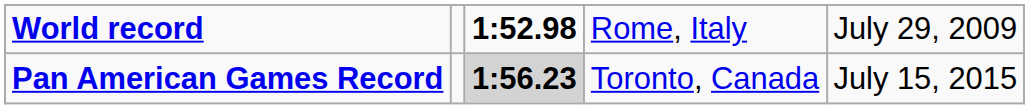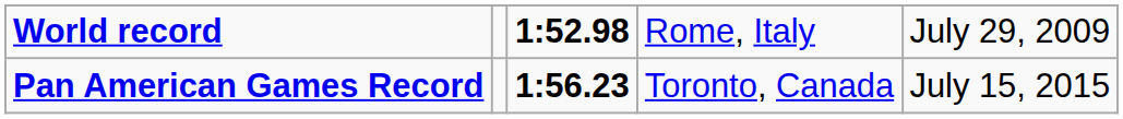 <table class="wikitable">
 <tr>
 <td><strong><a href='#'>World record</a></strong></td>
 <td></td>
 <td><strong>1:52.98</strong></td>
 <td><a href='#'>Rome</a>, <a href='#'>Italy</a></td>
 <td>July 29, 2009</td>
 </tr>
 <tr>
 <td><strong><a href='#'>Pan American Games Record</a></strong></td>
 <td></td>
-<td style="background: lightgrey;"><strong>1:56.23</strong></td>
+<td><strong>1:56.23</strong></td>
 <td><a href='#'>Toronto</a>, <a href='#'>Canada</a></td>
 <td>July 15, 2015</td>
 </tr>
 </table>
